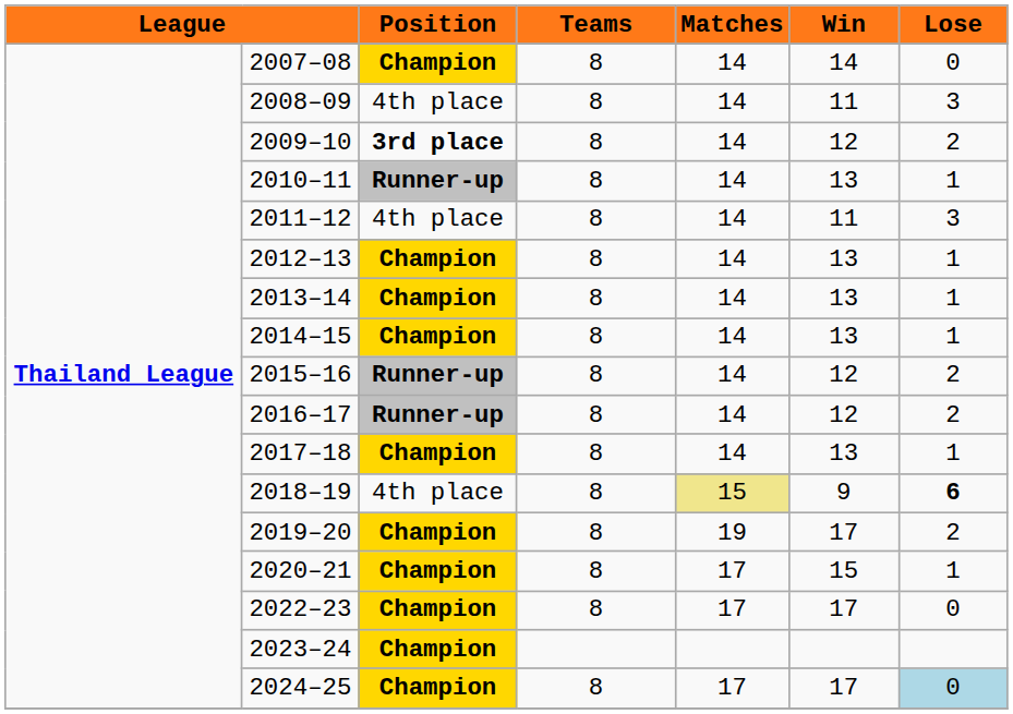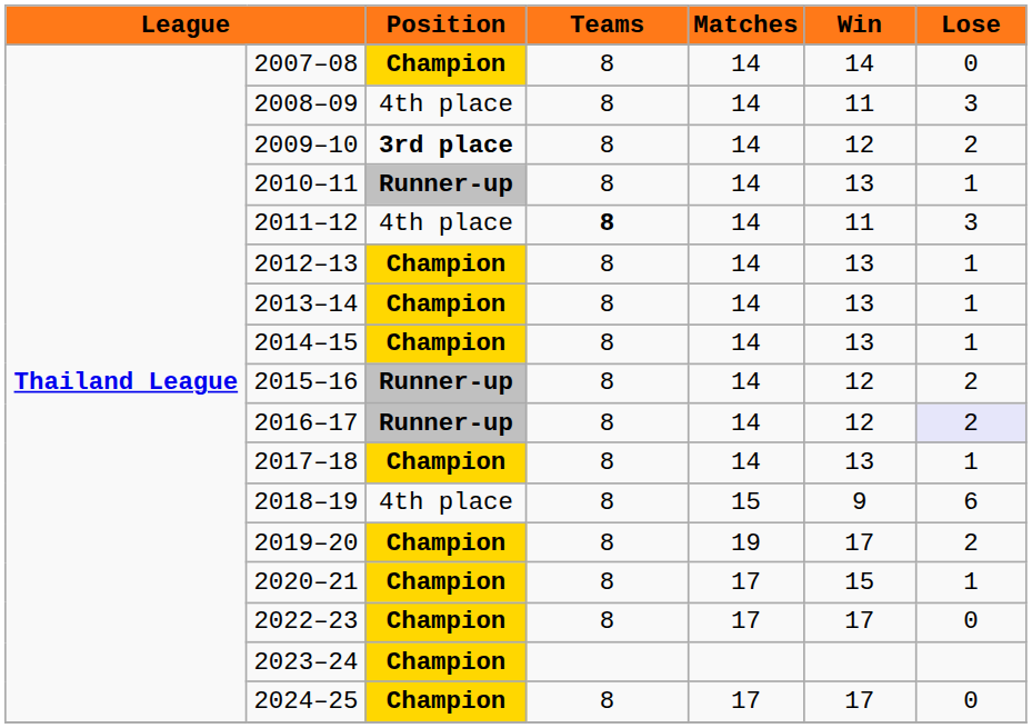 <table class="wikitable" style= "text-align:center; font-size:10pt;">
 <tr style= "background: #FF7918; font-weight:bold;">
 <td colspan="2" style="width:14em;"><span>League</span></td>
 <td style="width:6em;"><span>Position</span></td>
 <td style="width:6em;"><span>Teams</span></td>
 <td style="width:4em;"><span>Matches</span></td>
 <td style="width:4em;"><span>Win</span></td>
 <td style="width:4em;"><span>Lose</span></td>
 </tr>
 <tr>
 <td rowspan="18"><strong><a href='#'>Thailand League</a></strong></td>
 </tr>
 <tr>
 <td>2007–08</td>
 <td bgcolor="gold"><strong>Champion</strong></td>
 <td align="center">8</td>
 <td align="center">14</td>
 <td align="center">14</td>
 <td align="center">0</td>
 </tr>
 <tr>
 <td>2008–09</td>
 <td>4th place</td>
 <td align="center">8</td>
 <td align="center">14</td>
 <td align="center">11</td>
 <td align="center">3</td>
 </tr>
 <tr>
 <td>2009–10</td>
 <td><strong>3rd place</strong></td>
 <td align="center">8</td>
 <td align="center">14</td>
 <td align="center">12</td>
 <td align="center">2</td>
 </tr>
 <tr>
 <td>2010–11</td>
 <td bgcolor="silver"><strong>Runner-up</strong></td>
 <td align="center">8</td>
 <td align="center">14</td>
 <td align="center">13</td>
 <td align="center">1</td>
 </tr>
 <tr>
 <td>2011–12</td>
 <td>4th place</td>
-<td align="center">8</td>
+<td align="center"><strong>8</strong></td>
 <td align="center">14</td>
 <td align="center">11</td>
 <td align="center">3</td>
 </tr>
 <tr>
 <td>2012–13</td>
 <td bgcolor="gold"><strong>Champion</strong></td>
 <td align="center">8</td>
 <td align="center">14</td>
 <td align="center">13</td>
 <td align="center">1</td>
 </tr>
 <tr>
 <td>2013–14</td>
 <td bgcolor="gold"><strong>Champion</strong></td>
 <td align="center">8</td>
 <td align="center">14</td>
 <td align="center">13</td>
 <td align="center">1</td>
 </tr>
 <tr>
 <td>2014–15</td>
 <td bgcolor="gold"><strong>Champion</strong></td>
 <td align="center">8</td>
 <td align="center">14</td>
 <td align="center">13</td>
 <td align="center">1</td>
 </tr>
 <tr>
 <td>2015–16</td>
 <td bgcolor="silver"><strong>Runner-up</strong></td>
 <td align="center">8</td>
 <td align="center">14</td>
 <td align="center">12</td>
 <td align="center">2</td>
 </tr>
 <tr>
 <td>2016–17</td>
 <td bgcolor="silver"><strong>Runner-up</strong></td>
 <td align="center">8</td>
 <td align="center">14</td>
 <td align="center">12</td>
-<td align="center">2</td>
+<td align="center" style="background: lavender;">2</td>
 </tr>
 <tr>
 <td>2017–18</td>
 <td bgcolor="gold"><strong>Champion</strong></td>
 <td align="center">8</td>
 <td align="center">14</td>
 <td align="center">13</td>
 <td align="center">1</td>
 </tr>
 <tr>
 <td>2018–19</td>
 <td>4th place</td>
 <td align="center">8</td>
-<td align="center" style="background: khaki;">15</td>
+<td align="center">15</td>
 <td align="center">9</td>
-<td align="center"><strong>6</strong></td>
+<td align="center">6</td>
 </tr>
 <tr>
 <td>2019–20</td>
 <td bgcolor="gold"><strong>Champion</strong></td>
 <td align="center">8</td>
 <td align="center">19</td>
 <td align="center">17</td>
 <td align="center">2</td>
 </tr>
 <tr>
 <td>2020–21</td>
 <td bgcolor="gold"><strong>Champion</strong></td>
 <td align="center">8</td>
 <td align="center">17</td>
 <td align="center">15</td>
 <td align="center">1</td>
 </tr>
 <tr>
 <td>2022–23</td>
 <td bgcolor="gold"><strong>Champion</strong></td>
 <td align="center">8</td>
 <td align="center">17</td>
 <td align="center">17</td>
 <td align="center">0</td>
 </tr>
 <tr>
 <td>2023–24</td>
 <td bgcolor="gold"><strong>Champion</strong></td>
 <td align="center"></td>
 <td align="center"></td>
 <td align="center"></td>
 <td align="center"></td>
 </tr>
 <tr>
 <td>2024–25</td>
 <td bgcolor="gold"><strong>Champion</strong></td>
 <td align="center">8</td>
 <td align="center">17</td>
 <td align="center">17</td>
-<td align="center" style="background: lightblue;">0</td>
+<td align="center">0</td>
 </tr>
 <tr>
 </tr>
 </table>
